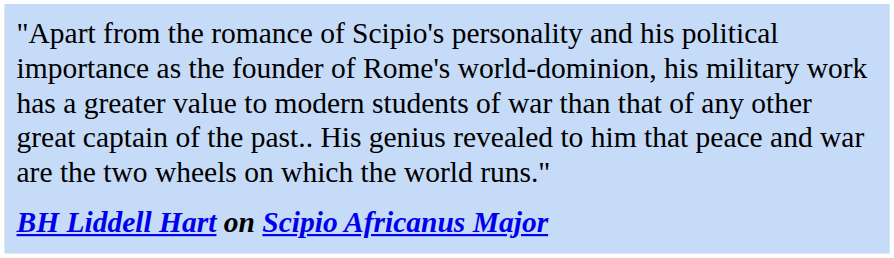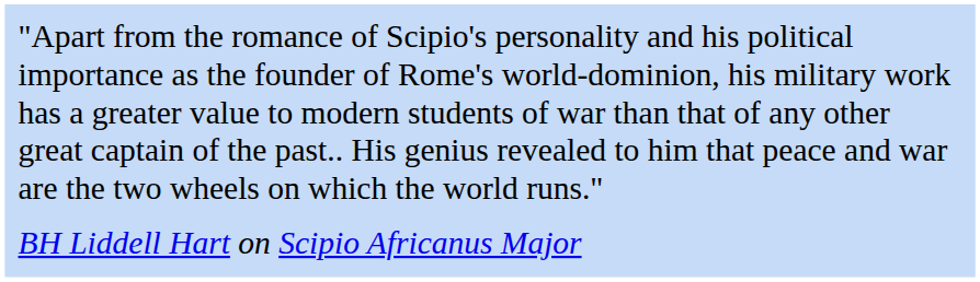 <table class="toccolours" style="float: left; margin-left: 1em; margin-right: 2em; font-size: 85%; background:#c6dbf7; color:black; width:30em; max-width: 40%;" cellspacing="5">
 <tr>
 <td style="text-align: left;">"Apart from the romance of Scipio's personality and his political importance as the founder of Rome's world-dominion, his military work has a greater value to modern students of war than that of any other great captain of the past.. His genius revealed to him that peace and war are the two wheels on which the world runs."</td>
 </tr>
 <tr>
-<td style="text-align: left;"><strong><em><a href='#'>BH Liddell Hart</a> on <a href='#'>Scipio Africanus Major</a></em></strong></td>
+<td style="text-align: left;"><em><a href='#'>BH Liddell Hart</a> on <a href='#'>Scipio Africanus Major</a></em></td>
 </tr>
 </table>
